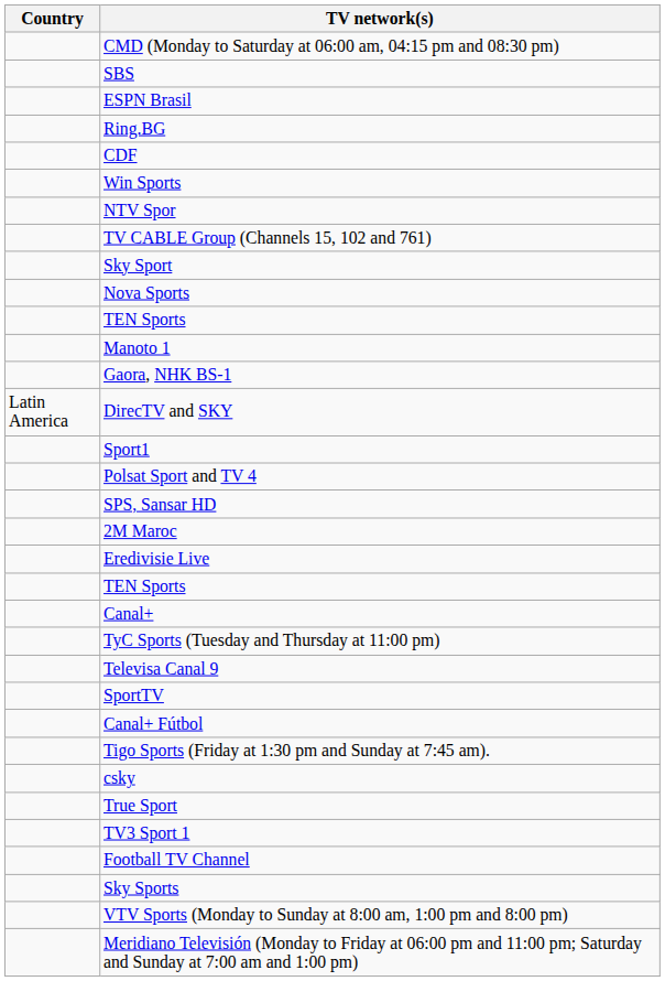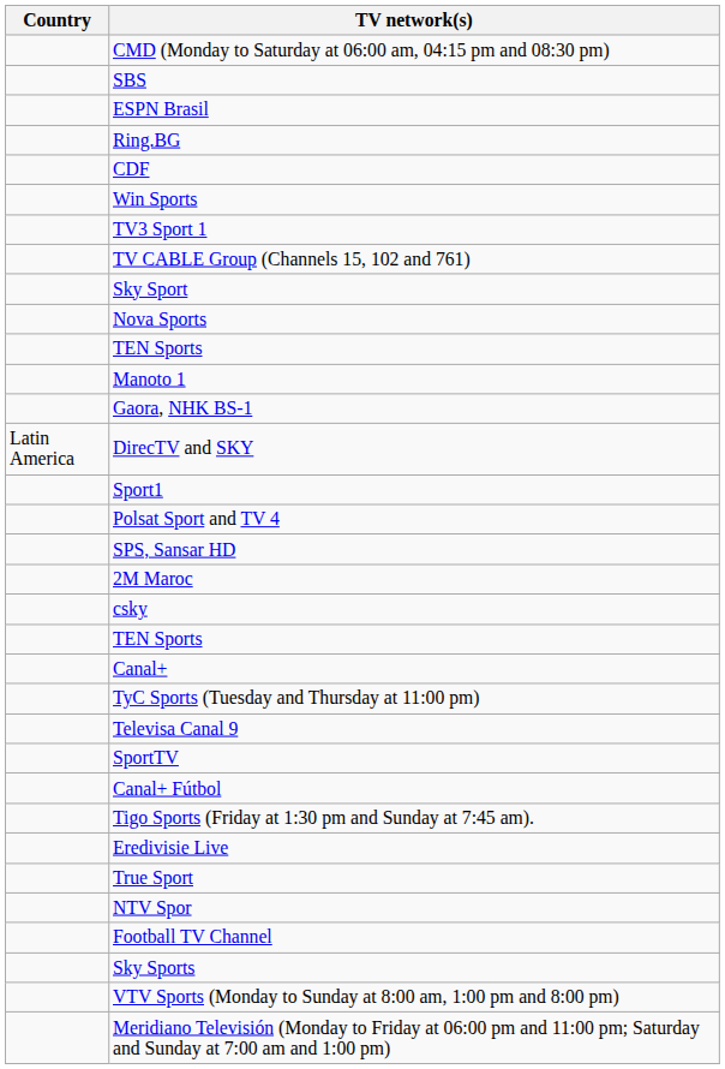 <table class="wikitable sortable">
 <tr>
 <th>Country</th>
 <th>TV network(s)</th>
 </tr>
 <tr>
 <td></td>
 <td><a href='#'>CMD</a> (Monday to Saturday at 06:00 am, 04:15 pm and 08:30 pm)</td>
 </tr>
 <tr>
 <td></td>
 <td><a href='#'>SBS</a></td>
 </tr>
 <tr>
 <td></td>
 <td><a href='#'>ESPN Brasil</a></td>
 </tr>
 <tr>
 <td></td>
 <td><a href='#'>Ring.BG</a><br></td>
 </tr>
 <tr>
 <td></td>
 <td><a href='#'>CDF</a></td>
 </tr>
 <tr>
 <td></td>
 <td><a href='#'>Win Sports</a></td>
 </tr>
 <tr>
 <td></td>
-<td><a href='#'>NTV Spor</a></td>
+<td><a href='#'>TV3 Sport 1</a></td>
 </tr>
 <tr>
 <td></td>
 <td><a href='#'>TV CABLE Group</a> (Channels 15, 102 and 761)</td>
 </tr>
 <tr>
 <td></td>
 <td><a href='#'>Sky Sport</a></td>
 </tr>
 <tr>
 <td></td>
 <td><a href='#'>Nova Sports</a></td>
 </tr>
 <tr>
 <td></td>
 <td><a href='#'>TEN Sports</a></td>
 </tr>
 <tr>
 <td></td>
 <td><a href='#'>Manoto 1</a></td>
 </tr>
 <tr>
 <td></td>
 <td><a href='#'>Gaora</a>, <a href='#'>NHK BS-1</a></td>
 </tr>
 <tr>
 <td> Latin America</td>
 <td><a href='#'>DirecTV</a> and <a href='#'>SKY</a></td>
 </tr>
 <tr>
 <td></td>
 <td><a href='#'>Sport1</a></td>
 </tr>
 <tr>
 <td></td>
 <td><a href='#'>Polsat Sport</a> and <a href='#'>TV 4</a></td>
 </tr>
 <tr>
 <td></td>
 <td><a href='#'>SPS, Sansar HD</a></td>
 </tr>
 <tr>
 <td></td>
 <td><a href='#'>2M Maroc</a></td>
 </tr>
 <tr>
 <td></td>
-<td><a href='#'>Eredivisie Live</a></td>
+<td><a href='#'>csky</a></td>
 </tr>
 <tr>
 <td></td>
 <td><a href='#'>TEN Sports</a></td>
 </tr>
 <tr>
 <td></td>
 <td><a href='#'>Canal+</a></td>
 </tr>
 <tr>
 <td></td>
 <td><a href='#'>TyC Sports</a> (Tuesday and Thursday at 11:00 pm)</td>
 </tr>
 <tr>
 <td></td>
 <td><a href='#'>Televisa Canal 9</a></td>
 </tr>
 <tr>
 <td></td>
 <td><a href='#'>SportTV</a></td>
 </tr>
 <tr>
 <td></td>
 <td><a href='#'>Canal+ Fútbol</a></td>
 </tr>
 <tr>
 <td></td>
 <td><a href='#'>Tigo Sports</a> (Friday at 1:30 pm and Sunday at 7:45 am).</td>
 </tr>
 <tr>
 <td></td>
-<td><a href='#'>csky</a></td>
+<td><a href='#'>Eredivisie Live</a></td>
 </tr>
 <tr>
 <td></td>
 <td><a href='#'>True Sport</a></td>
 </tr>
 <tr>
 <td></td>
-<td><a href='#'>TV3 Sport 1</a></td>
+<td><a href='#'>NTV Spor</a></td>
 </tr>
 <tr>
 <td></td>
 <td><a href='#'>Football TV Channel</a></td>
 </tr>
 <tr>
 <td></td>
 <td><a href='#'>Sky Sports</a></td>
 </tr>
 <tr>
 <td></td>
 <td><a href='#'>VTV Sports</a> (Monday to Sunday at 8:00 am, 1:00 pm and 8:00 pm)</td>
 </tr>
 <tr>
 <td></td>
 <td><a href='#'>Meridiano Televisión</a> (Monday to Friday at 06:00 pm and 11:00 pm; Saturday and Sunday at 7:00 am and 1:00 pm)</td>
 </tr>
 </table>
